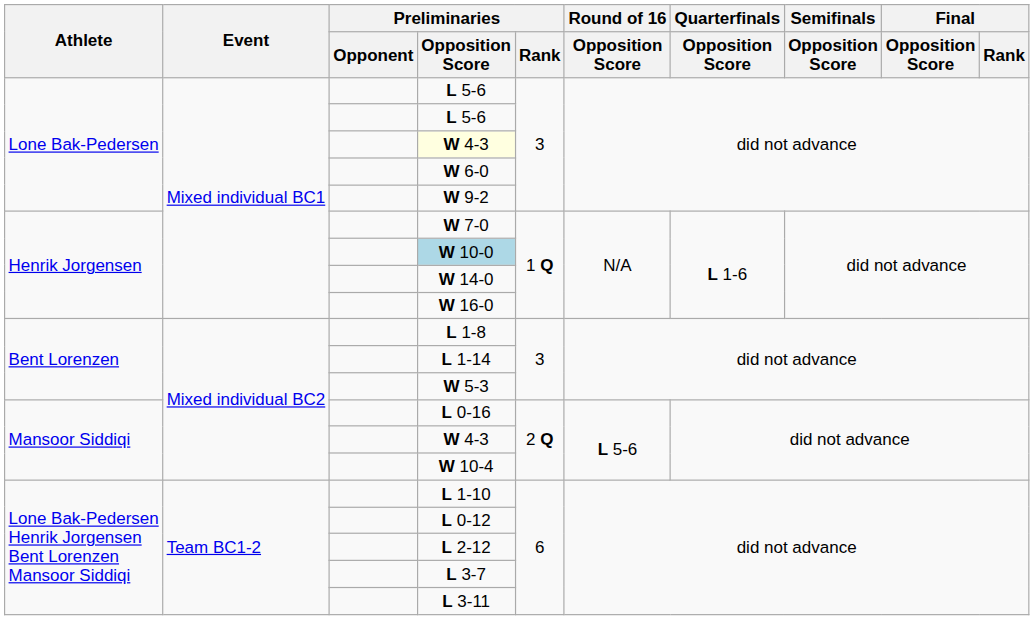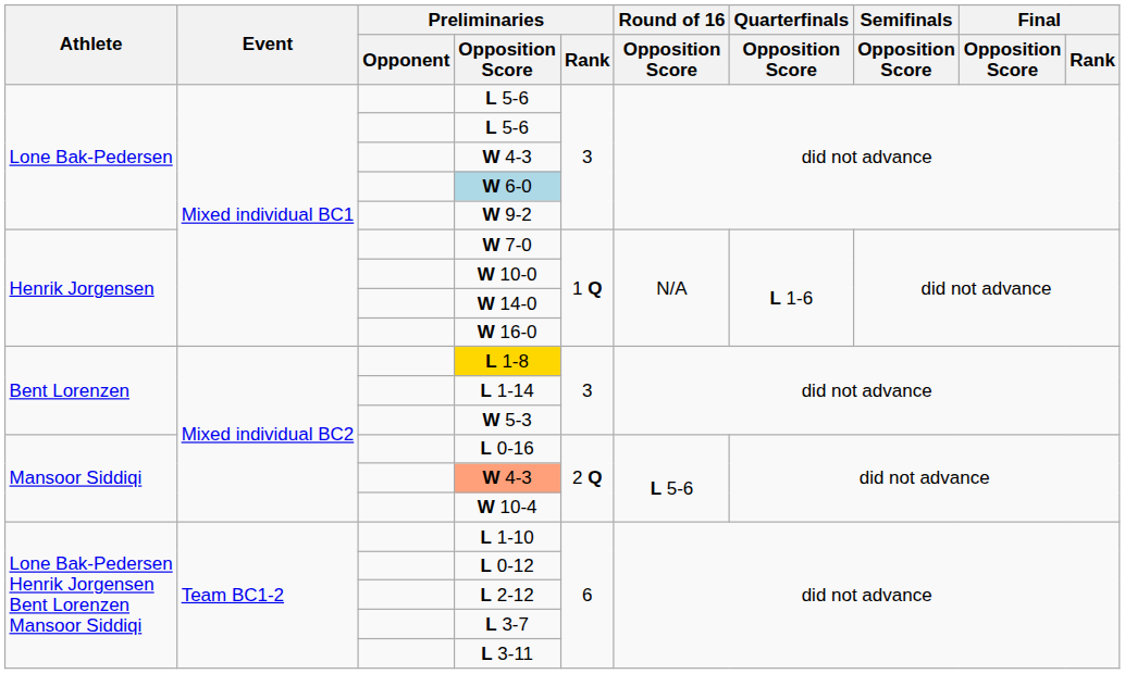 <table class=wikitable style="font-size:90%">
 <tr>
 <th rowspan="2">Athlete</th>
 <th rowspan="2">Event</th>
 <th colspan="3">Preliminaries</th>
 <th>Round of 16</th>
 <th>Quarterfinals</th>
 <th>Semifinals</th>
 <th colspan="2">Final</th>
 </tr>
 <tr>
 <th>Opponent</th>
 <th>Opposition<br>Score</th>
 <th>Rank</th>
 <th>Opposition<br>Score</th>
 <th>Opposition<br>Score</th>
 <th>Opposition<br>Score</th>
 <th>Opposition<br>Score</th>
 <th>Rank</th>
 </tr>
 <tr>
 <td rowspan="5"><a href='#'>Lone Bak-Pedersen</a></td>
 <td rowspan="9"><a href='#'>Mixed individual BC1</a></td>
 <td align="left"></td>
 <td align="center"><strong>L</strong> 5-6</td>
 <td align="center" rowspan="5">3</td>
 <td align="center" rowspan="5" colspan="5">did not advance</td>
 </tr>
 <tr>
 <td align="left"></td>
 <td align="center"><strong>L</strong> 5-6</td>
 </tr>
 <tr>
 <td align="left"></td>
-<td align="center" style="background: lightyellow;"><strong>W</strong> 4-3</td>
+<td align="center"><strong>W</strong> 4-3</td>
 </tr>
 <tr>
 <td align="left"></td>
-<td align="center"><strong>W</strong> 6-0</td>
+<td align="center" style="background: lightblue;"><strong>W</strong> 6-0</td>
 </tr>
 <tr>
 <td align="left"></td>
 <td align="center"><strong>W</strong> 9-2</td>
 </tr>
 <tr>
 <td rowspan="4"><a href='#'>Henrik Jorgensen</a></td>
 <td align="left"></td>
 <td align="center"><strong>W</strong> 7-0</td>
 <td align="center" rowspan="4">1 <strong>Q</strong></td>
 <td align="center" rowspan="4">N/A</td>
 <td align="center" rowspan="4"><br><strong>L</strong> 1-6</td>
 <td align="center" rowspan="4" colspan="3">did not advance</td>
 </tr>
 <tr>
 <td align="left"></td>
-<td align="center" style="background: lightblue;"><strong>W</strong> 10-0</td>
+<td align="center"><strong>W</strong> 10-0</td>
 </tr>
 <tr>
 <td align="left"></td>
 <td align="center"><strong>W</strong> 14-0</td>
 </tr>
 <tr>
 <td align="left"></td>
 <td align="center"><strong>W</strong> 16-0</td>
 </tr>
 <tr>
 <td rowspan="3"><a href='#'>Bent Lorenzen</a></td>
 <td rowspan="6"><a href='#'>Mixed individual BC2</a></td>
 <td align="left"></td>
-<td align="center"><strong>L</strong> 1-8</td>
+<td align="center" style="background: gold;"><strong>L</strong> 1-8</td>
 <td align="center" rowspan="3">3</td>
 <td align="center" rowspan="3" colspan="5">did not advance</td>
 </tr>
 <tr>
 <td align="left"></td>
 <td align="center"><strong>L</strong> 1-14</td>
 </tr>
 <tr>
 <td align="left"></td>
 <td align="center"><strong>W</strong> 5-3</td>
 </tr>
 <tr>
 <td rowspan="3"><a href='#'>Mansoor Siddiqi</a></td>
 <td align="left"></td>
 <td align="center"><strong>L</strong> 0-16</td>
 <td align="center" rowspan="3">2 <strong>Q</strong></td>
 <td align="center" rowspan="3"><br><strong>L</strong> 5-6</td>
 <td align="center" rowspan="3" colspan="4">did not advance</td>
 </tr>
 <tr>
 <td align="left"></td>
-<td align="center"><strong>W</strong> 4-3</td>
+<td align="center" style="background: lightsalmon;"><strong>W</strong> 4-3</td>
 </tr>
 <tr>
 <td align="left"></td>
 <td align="center"><strong>W</strong> 10-4</td>
 </tr>
 <tr>
 <td rowspan="5"><a href='#'>Lone Bak-Pedersen</a><br> <a href='#'>Henrik Jorgensen</a><br> <a href='#'>Bent Lorenzen</a><br> <a href='#'>Mansoor Siddiqi</a></td>
 <td rowspan="5"><a href='#'>Team BC1-2</a></td>
 <td align="left"></td>
 <td align="center"><strong>L</strong> 1-10</td>
 <td align="center" rowspan="5">6</td>
 <td align="center" rowspan="5" colspan="5">did not advance</td>
 </tr>
 <tr>
 <td align="left"></td>
 <td align="center"><strong>L</strong> 0-12</td>
 </tr>
 <tr>
 <td align="left"></td>
 <td align="center"><strong>L</strong> 2-12</td>
 </tr>
 <tr>
 <td align="left"></td>
 <td align="center"><strong>L</strong> 3-7</td>
 </tr>
 <tr>
 <td align="left"></td>
 <td align="center"><strong>L</strong> 3-11</td>
 </tr>
 </table>
